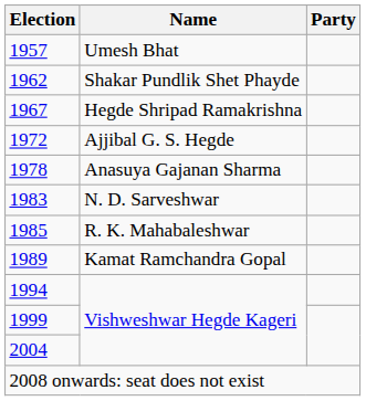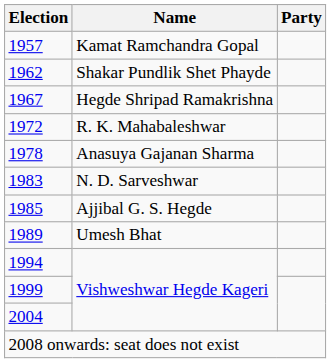 <table class="wikitable">
 <tr>
 <th>Election</th>
 <th>Name</th>
 <th colspan="2">Party</th>
 </tr>
 <tr>
 <td><a href='#'>1957</a></td>
-<td>Umesh Bhat</td>
+<td>Kamat Ramchandra Gopal</td>
 <td></td>
 </tr>
 <tr>
 <td><a href='#'>1962</a></td>
 <td>Shakar Pundlik Shet Phayde</td>
 </tr>
 <tr>
 <td><a href='#'>1967</a></td>
 <td>Hegde Shripad Ramakrishna</td>
 <td></td>
 </tr>
 <tr>
 <td><a href='#'>1972</a></td>
-<td>Ajjibal G. S. Hegde</td>
+<td>R. K. Mahabaleshwar</td>
 <td></td>
 </tr>
 <tr>
 <td><a href='#'>1978</a></td>
 <td>Anasuya Gajanan Sharma</td>
 <td></td>
 </tr>
 <tr>
 <td><a href='#'>1983</a></td>
 <td>N. D. Sarveshwar</td>
 <td></td>
 </tr>
 <tr>
 <td><a href='#'>1985</a></td>
-<td>R. K. Mahabaleshwar</td>
+<td>Ajjibal G. S. Hegde</td>
 <td></td>
 </tr>
 <tr>
 <td><a href='#'>1989</a></td>
-<td>Kamat Ramchandra Gopal</td>
+<td>Umesh Bhat</td>
 <td></td>
 </tr>
 <tr>
 <td><a href='#'>1994</a></td>
 <td rowspan=3><a href='#'>Vishweshwar Hegde Kageri</a></td>
 <td></td>
 </tr>
 <tr>
 <td><a href='#'>1999</a></td>
 </tr>
 <tr>
 <td><a href='#'>2004</a></td>
 </tr>
 <tr>
 <td colspan="4">2008 onwards: seat does not exist</td>
 </tr>
 </table>
